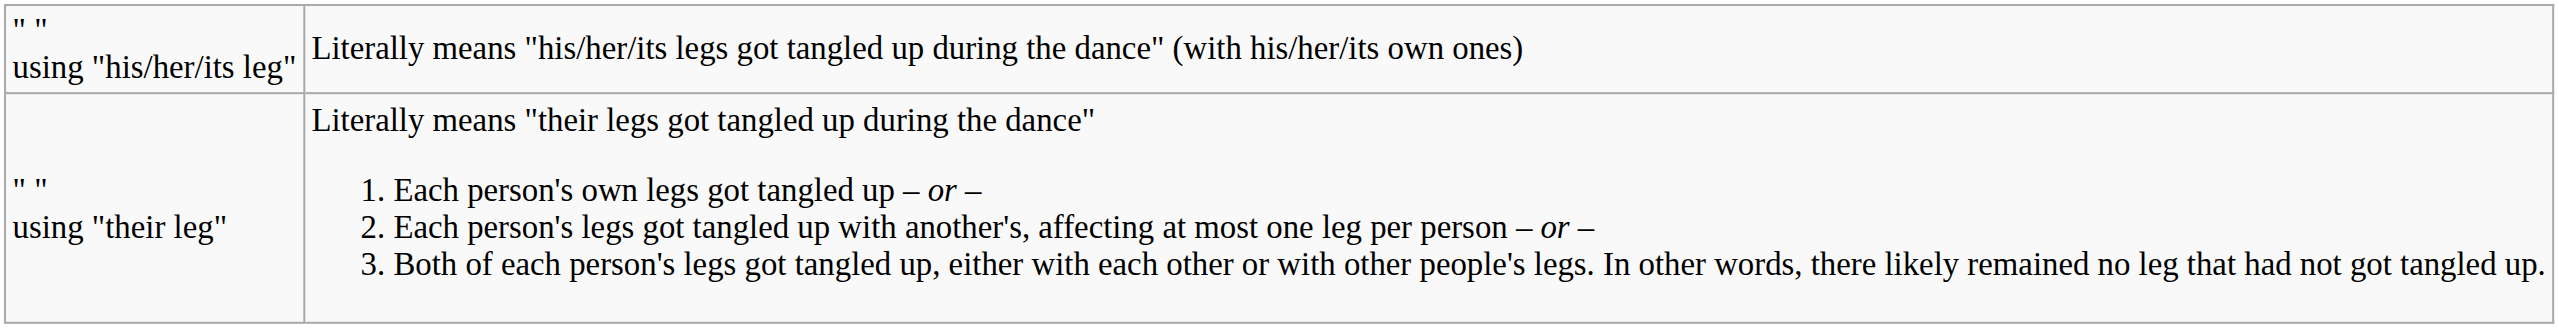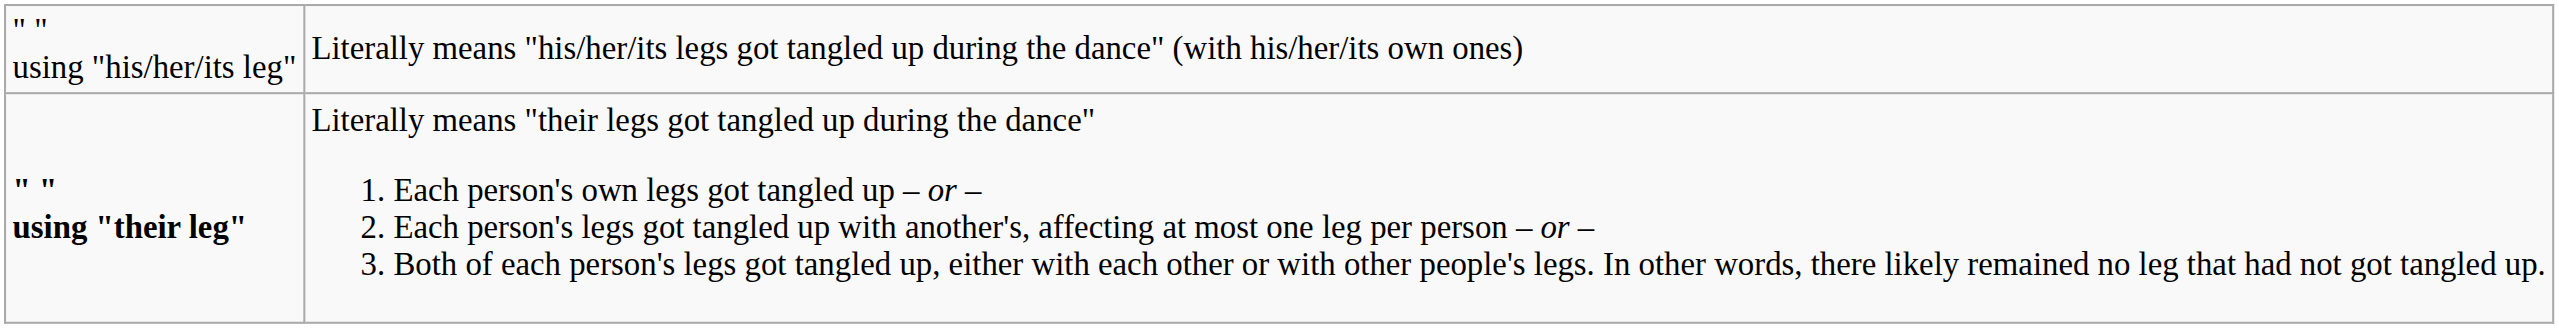 <table class="wikitable" align=center>
 <tr>
 <td>"    "<br>using "his/her/its leg"</td>
 <td>Literally means "his/her/its legs got tangled up during the dance" (with his/her/its own ones)</td>
 </tr>
 <tr>
-<td>"    "<br>using "their leg"</td>
+<td><strong>"    "<br>using "their leg"</strong></td>
 <td>Literally means "their legs got tangled up during the dance"<br><ol><li>Each person's own legs got tangled up – <em>or</em> –</li><li>Each person's legs got tangled up with another's, affecting at most one leg per person – <em>or</em> –</li><li>Both of each person's legs got tangled up, either with each other or with other people's legs. In other words, there likely remained no leg that had not got tangled up.</li></ol></td>
 </tr>
 </table>
